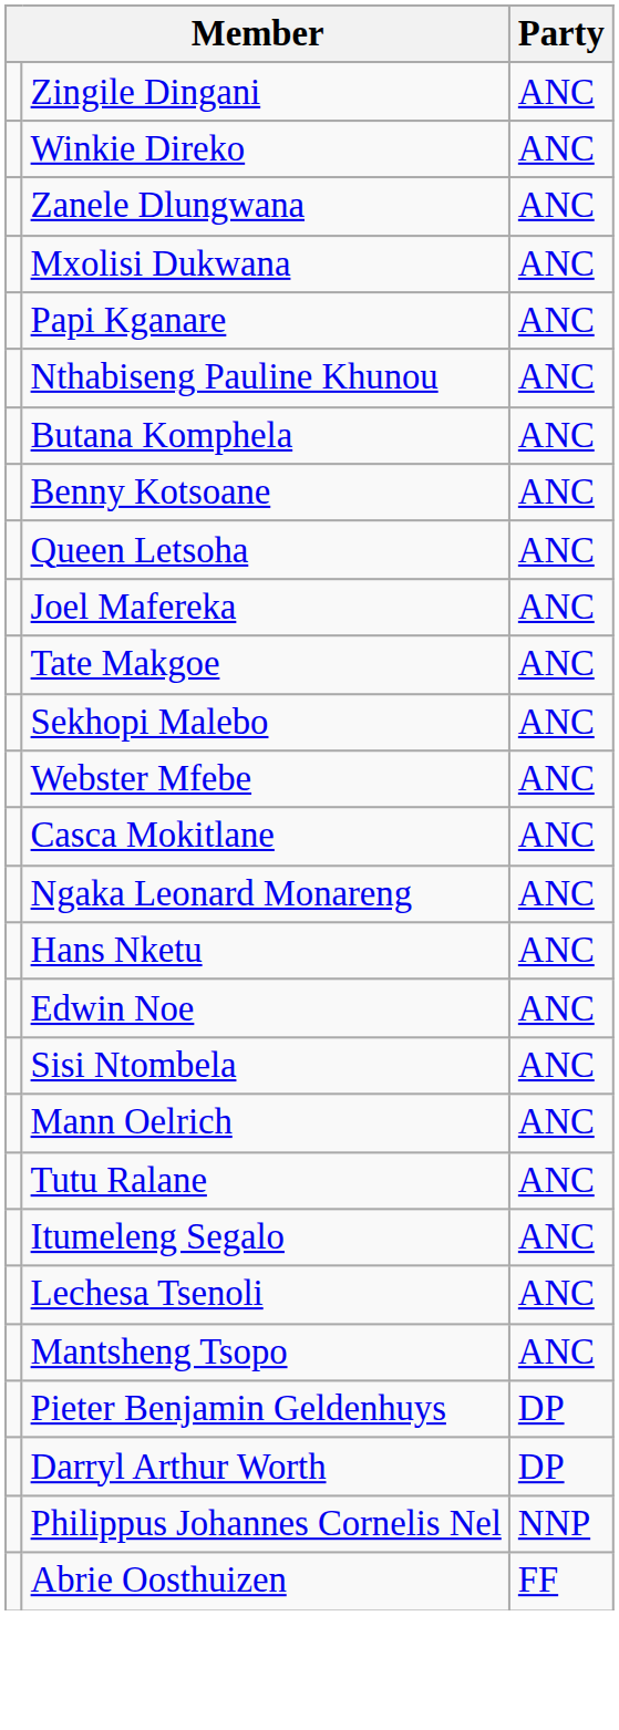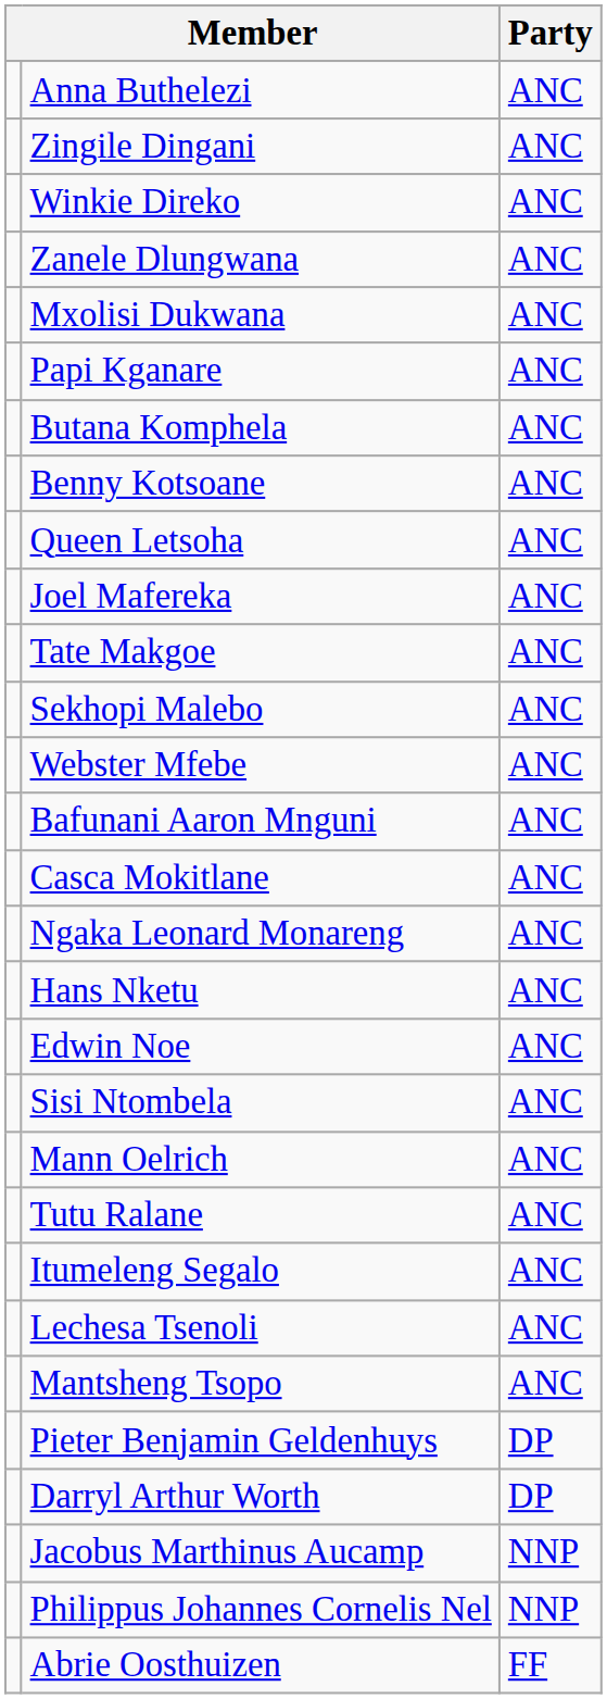 <table class="wikitable sortable">
 <tr>
 <th colspan="2">Member</th>
 <th>Party</th>
+</tr>
+<tr>
+<td style="background-color: "></td>
+<td><a href='#'>Anna Buthelezi</a></td>
+<td><a href='#'>ANC</a></td>
 </tr>
 <tr>
 <td style="background-color: "></td>
 <td><a href='#'>Zingile Dingani</a></td>
 <td><a href='#'>ANC</a></td>
 </tr>
 <tr>
 <td style="background-color: "></td>
 <td><a href='#'>Winkie Direko</a></td>
 <td><a href='#'>ANC</a></td>
 </tr>
 <tr>
 <td style="background-color: "></td>
 <td><a href='#'>Zanele Dlungwana</a></td>
 <td><a href='#'>ANC</a></td>
 </tr>
 <tr>
 <td style="background-color: "></td>
 <td><a href='#'>Mxolisi Dukwana</a></td>
 <td><a href='#'>ANC</a></td>
 </tr>
 <tr>
 <td style="background-color: "></td>
 <td><a href='#'>Papi Kganare</a></td>
-<td><a href='#'>ANC</a></td>
-</tr>
-<tr>
-<td style="background-color: "></td>
-<td><a href='#'>Nthabiseng Pauline Khunou</a></td>
 <td><a href='#'>ANC</a></td>
 </tr>
 <tr>
 <td style="background-color: "></td>
 <td><a href='#'>Butana Komphela</a></td>
 <td><a href='#'>ANC</a></td>
 </tr>
 <tr>
 <td style="background-color: "></td>
 <td><a href='#'>Benny Kotsoane</a></td>
 <td><a href='#'>ANC</a></td>
 </tr>
 <tr>
 <td style="background-color: "></td>
 <td><a href='#'>Queen Letsoha</a></td>
 <td><a href='#'>ANC</a></td>
 </tr>
 <tr>
 <td style="background-color: "></td>
 <td><a href='#'>Joel Mafereka</a></td>
 <td><a href='#'>ANC</a></td>
 </tr>
 <tr>
 <td style="background-color: "></td>
 <td><a href='#'>Tate Makgoe</a></td>
 <td><a href='#'>ANC</a></td>
 </tr>
 <tr>
 <td style="background-color: "></td>
 <td><a href='#'>Sekhopi Malebo</a></td>
 <td><a href='#'>ANC</a></td>
 </tr>
 <tr>
 <td style="background-color: "></td>
 <td><a href='#'>Webster Mfebe</a></td>
+<td><a href='#'>ANC</a></td>
+</tr>
+<tr>
+<td style="background-color: "></td>
+<td><a href='#'>Bafunani Aaron Mnguni</a></td>
 <td><a href='#'>ANC</a></td>
 </tr>
 <tr>
 <td style="background-color: "></td>
 <td><a href='#'>Casca Mokitlane</a></td>
 <td><a href='#'>ANC</a></td>
 </tr>
 <tr>
 <td style="background-color: "></td>
 <td><a href='#'>Ngaka Leonard Monareng</a></td>
 <td><a href='#'>ANC</a></td>
 </tr>
 <tr>
 <td style="background-color: "></td>
 <td><a href='#'>Hans Nketu</a></td>
 <td><a href='#'>ANC</a></td>
 </tr>
 <tr>
 <td style="background-color: "></td>
 <td><a href='#'>Edwin Noe</a></td>
 <td><a href='#'>ANC</a></td>
 </tr>
 <tr>
 <td style="background-color: "></td>
 <td><a href='#'>Sisi Ntombela</a></td>
 <td><a href='#'>ANC</a></td>
 </tr>
 <tr>
 <td style="background-color: "></td>
 <td><a href='#'>Mann Oelrich</a></td>
 <td><a href='#'>ANC</a></td>
 </tr>
 <tr>
 <td style="background-color: "></td>
 <td><a href='#'>Tutu Ralane</a></td>
 <td><a href='#'>ANC</a></td>
 </tr>
 <tr>
 <td style="background-color: "></td>
 <td><a href='#'>Itumeleng Segalo</a></td>
 <td><a href='#'>ANC</a></td>
 </tr>
 <tr>
 <td style="background-color: "></td>
 <td><a href='#'>Lechesa Tsenoli</a></td>
 <td><a href='#'>ANC</a></td>
 </tr>
 <tr>
 <td style="background-color: "></td>
 <td><a href='#'>Mantsheng Tsopo</a></td>
 <td><a href='#'>ANC</a></td>
 </tr>
 <tr>
 <td style="background-color: "></td>
 <td><a href='#'>Pieter Benjamin Geldenhuys</a></td>
 <td><a href='#'>DP</a></td>
 </tr>
 <tr>
 <td style="background-color: "></td>
 <td><a href='#'>Darryl Arthur Worth</a></td>
 <td><a href='#'>DP</a></td>
 </tr>
 <tr>
 <td style="background-color: "></td>
+<td><a href='#'>Jacobus Marthinus Aucamp</a></td>
+<td><a href='#'>NNP</a></td>
+</tr>
+<tr>
+<td style="background-color: "></td>
 <td><a href='#'>Philippus Johannes Cornelis Nel</a></td>
 <td><a href='#'>NNP</a></td>
 </tr>
 <tr>
 <td style="background-color: "></td>
 <td><a href='#'>Abrie Oosthuizen</a></td>
 <td><a href='#'>FF</a></td>
 </tr>
 </table>
